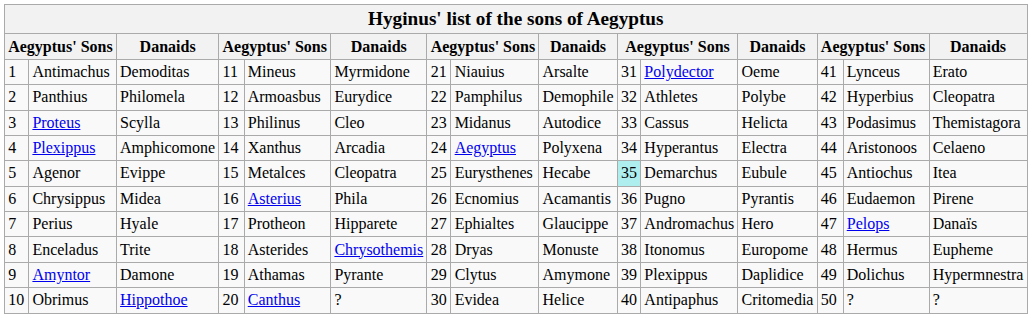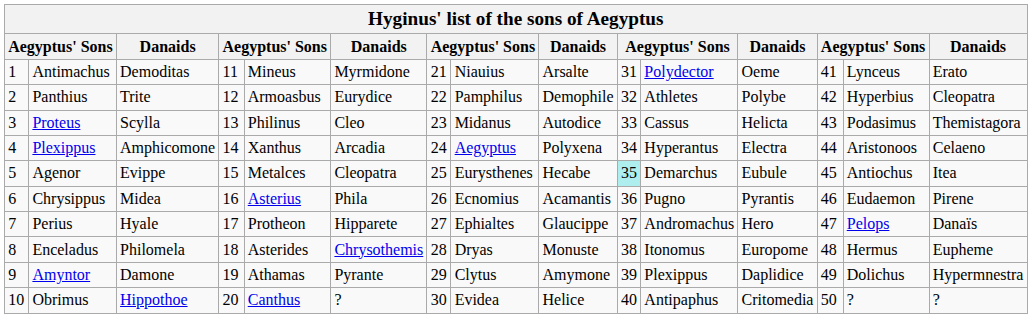 <table class="wikitable">
 <tr>
 <th colspan="15"><big>Hyginus' list of the sons of Aegyptus</big></th>
 </tr>
 <tr>
 <th colspan="2">Aegyptus' Sons</th>
 <th>Danaids</th>
 <th colspan="2">Aegyptus' Sons</th>
 <th>Danaids</th>
 <th colspan="2">Aegyptus' Sons</th>
 <th>Danaids</th>
 <th colspan="2">Aegyptus' Sons</th>
 <th>Danaids</th>
 <th colspan="2">Aegyptus' Sons</th>
 <th>Danaids</th>
 </tr>
 <tr>
 <td>1</td>
 <td>Antimachus</td>
 <td>Demoditas</td>
 <td>11</td>
 <td>Mineus</td>
 <td>Myrmidone</td>
 <td>21</td>
 <td>Niauius</td>
 <td>Arsalte</td>
 <td>31</td>
 <td><a href='#'>Polydector</a></td>
 <td>Oeme</td>
 <td>41</td>
 <td>Lynceus</td>
 <td>Erato</td>
 </tr>
 <tr>
 <td>2</td>
 <td>Panthius</td>
-<td>Philomela</td>
+<td>Trite</td>
 <td>12</td>
 <td>Armoasbus</td>
 <td>Eurydice</td>
 <td>22</td>
 <td>Pamphilus</td>
 <td>Demophile</td>
 <td>32</td>
 <td>Athletes</td>
 <td>Polybe</td>
 <td>42</td>
 <td>Hyperbius</td>
 <td>Cleopatra</td>
 </tr>
 <tr>
 <td>3</td>
 <td><a href='#'>Proteus</a></td>
 <td>Scylla</td>
 <td>13</td>
 <td>Philinus</td>
 <td>Cleo</td>
 <td>23</td>
 <td>Midanus</td>
 <td>Autodice</td>
 <td>33</td>
 <td>Cassus</td>
 <td>Helicta</td>
 <td>43</td>
 <td>Podasimus</td>
 <td>Themistagora</td>
 </tr>
 <tr>
 <td>4</td>
 <td><a href='#'>Plexippus</a></td>
 <td>Amphicomone</td>
 <td>14</td>
 <td>Xanthus</td>
 <td>Arcadia</td>
 <td>24</td>
 <td><a href='#'>Aegyptus</a></td>
 <td>Polyxena</td>
 <td>34</td>
 <td>Hyperantus</td>
 <td>Electra</td>
 <td>44</td>
 <td>Aristonoos</td>
 <td>Celaeno</td>
 </tr>
 <tr>
 <td>5</td>
 <td>Agenor</td>
 <td>Evippe</td>
 <td>15</td>
 <td>Metalces</td>
 <td>Cleopatra</td>
 <td>25</td>
 <td>Eurysthenes</td>
 <td>Hecabe</td>
 <td style="background: paleturquoise;">35</td>
 <td>Demarchus</td>
 <td>Eubule</td>
 <td>45</td>
 <td>Antiochus</td>
 <td>Itea</td>
 </tr>
 <tr>
 <td>6</td>
 <td>Chrysippus</td>
 <td>Midea</td>
 <td>16</td>
 <td><a href='#'>Asterius</a></td>
 <td>Phila</td>
 <td>26</td>
 <td>Ecnomius</td>
 <td>Acamantis</td>
 <td>36</td>
 <td>Pugno</td>
 <td>Pyrantis</td>
 <td>46</td>
 <td>Eudaemon</td>
 <td>Pirene</td>
 </tr>
 <tr>
 <td>7</td>
 <td>Perius</td>
 <td>Hyale</td>
 <td>17</td>
 <td>Protheon</td>
 <td>Hipparete</td>
 <td>27</td>
 <td>Ephialtes</td>
 <td>Glaucippe</td>
 <td>37</td>
 <td>Andromachus</td>
 <td>Hero</td>
 <td>47</td>
 <td><a href='#'>Pelops</a></td>
 <td>Danaïs</td>
 </tr>
 <tr>
 <td>8</td>
 <td>Enceladus</td>
-<td>Trite</td>
+<td>Philomela</td>
 <td>18</td>
 <td>Asterides</td>
 <td><a href='#'>Chrysothemis</a></td>
 <td>28</td>
 <td>Dryas</td>
 <td>Monuste</td>
 <td>38</td>
 <td>Itonomus</td>
 <td>Europome</td>
 <td>48</td>
 <td>Hermus</td>
 <td>Eupheme</td>
 </tr>
 <tr>
 <td>9</td>
 <td><a href='#'>Amyntor</a></td>
 <td>Damone</td>
 <td>19</td>
 <td>Athamas</td>
 <td>Pyrante</td>
 <td>29</td>
 <td>Clytus</td>
 <td>Amymone</td>
 <td>39</td>
 <td>Plexippus</td>
 <td>Daplidice</td>
 <td>49</td>
 <td>Dolichus</td>
 <td>Hypermnestra</td>
 </tr>
 <tr>
 <td>10</td>
 <td>Obrimus</td>
 <td><a href='#'>Hippothoe</a></td>
 <td>20</td>
 <td><a href='#'>Canthus</a></td>
 <td>?</td>
 <td>30</td>
 <td>Evidea</td>
 <td>Helice</td>
 <td>40</td>
 <td>Antipaphus</td>
 <td>Critomedia</td>
 <td>50</td>
 <td>?</td>
 <td>?</td>
 </tr>
 </table>
